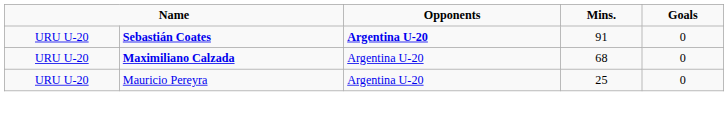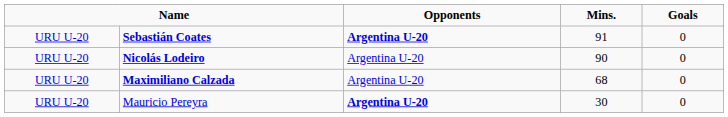 <table class= width=90% border="2" cellpadding="4" cellspacing="0" style="text-align=center: 1em 1em 1em 0; background: #f9f9f9; border: 1px #aaa solid; border-collapse: collapse; font-size: 95%;">
 <tr>
 <th width=25% colspan=2>Name</th>
 <th width=16%>Opponents</th>
 <th width=6%>Mins.</th>
 <th width=6%>Goals</th>
 </tr>
 <tr>
 <td align=center> <a href='#'>URU U-20</a></td>
 <td><strong><a href='#'>Sebastián Coates</a></strong></td>
 <td><strong> <a href='#'>Argentina U-20</a></strong></td>
 <td align=center>91</td>
 <td align=center>0</td>
 </tr>
 <tr>
 <td align=center> <a href='#'>URU U-20</a></td>
+<td><strong><a href='#'>Nicolás Lodeiro</a></strong></td>
+<td> <a href='#'>Argentina U-20</a></td>
+<td align=center>90</td>
+<td align=center>0</td>
+</tr>
+<tr>
+<td align=center> <a href='#'>URU U-20</a></td>
 <td><strong><a href='#'>Maximiliano Calzada</a></strong></td>
 <td> <a href='#'>Argentina U-20</a></td>
 <td align=center>68</td>
 <td align=center>0</td>
 </tr>
 <tr>
 <td align=center> <a href='#'>URU U-20</a></td>
 <td><a href='#'>Mauricio Pereyra</a></td>
-<td> <a href='#'>Argentina U-20</a></td>
-<td align=center>25</td>
+<td><strong> <a href='#'>Argentina U-20</a></strong></td>
+<td align=center>30</td>
 <td align=center>0</td>
 </tr>
 </table>
